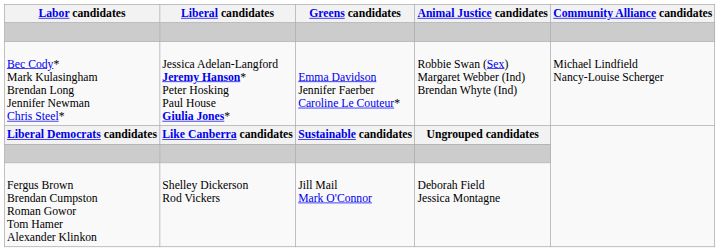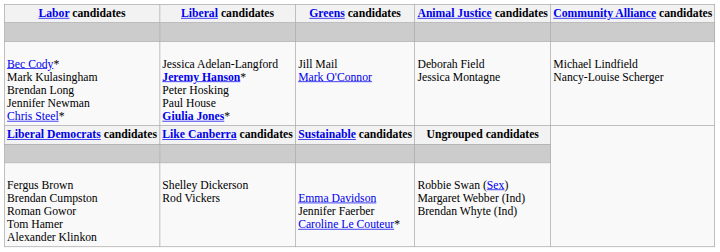 <table class="wikitable">
 <tr>
 <th><a href='#'>Labor</a> candidates</th>
 <th><a href='#'>Liberal</a> candidates</th>
 <th><a href='#'>Greens</a> candidates</th>
 <th><a href='#'>Animal Justice</a> candidates</th>
 <th><a href='#'>Community Alliance</a> candidates</th>
 </tr>
 <tr bgcolor="#cccccc">
 <td></td>
 <td></td>
 <td></td>
 <td></td>
 <td bgcolor=> </td>
 </tr>
 <tr>
 <td><br><a href='#'>Bec Cody</a>*<br> Mark Kulasingham<br> Brendan Long<br> Jennifer Newman<br> <a href='#'>Chris Steel</a>*</td>
 <td><br>Jessica Adelan-Langford<br> <strong><a href='#'>Jeremy Hanson</a></strong>*<br> Peter Hosking<br> Paul House<br> <strong><a href='#'>Giulia Jones</a></strong>*</td>
-<td><br><a href='#'>Emma Davidson</a><br> Jennifer Faerber<br> <a href='#'>Caroline Le Couteur</a>*</td>
-<td valign=top><br>Robbie Swan (<a href='#'>Sex</a>)<br> Margaret Webber (Ind)<br> Brendan Whyte (Ind)</td>
+<td valign=top><br>Jill Mail<br> <a href='#'>Mark O'Connor</a></td>
+<td valign=top><br>Deborah Field<br> Jessica Montagne</td>
 <td valign=top><br>Michael Lindfield<br> Nancy-Louise Scherger</td>
 </tr>
 <tr bgcolor="#cccccc">
 <th><a href='#'>Liberal Democrats</a> candidates</th>
 <th><a href='#'>Like Canberra</a> candidates</th>
 <th><a href='#'>Sustainable</a> candidates</th>
 <th>Ungrouped candidates</th>
 </tr>
 <tr bgcolor="#cccccc">
 <td></td>
 <td bgcolor=></td>
 <td></td>
 <td> </td>
 </tr>
 <tr>
 <td valign=top><br>Fergus Brown<br> Brendan Cumpston<br> Roman Gowor<br> Tom Hamer<br> Alexander Klinkon</td>
 <td valign=top><br>Shelley Dickerson<br> Rod Vickers</td>
-<td valign=top><br>Jill Mail<br> <a href='#'>Mark O'Connor</a></td>
-<td valign=top><br>Deborah Field<br> Jessica Montagne</td>
+<td><br><a href='#'>Emma Davidson</a><br> Jennifer Faerber<br> <a href='#'>Caroline Le Couteur</a>*</td>
+<td valign=top><br>Robbie Swan (<a href='#'>Sex</a>)<br> Margaret Webber (Ind)<br> Brendan Whyte (Ind)</td>
 </tr>
 </table>
